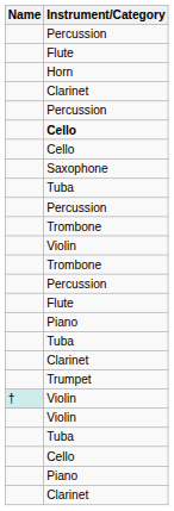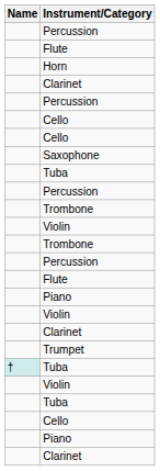 <table class="wikitable sortable" style="font-size: 95%">
 <tr>
 <th>Name</th>
 <th>Instrument/Category</th>
 </tr>
 <tr>
 <td></td>
 <td>Percussion</td>
 </tr>
 <tr>
 <td><strong></strong></td>
 <td>Flute</td>
 </tr>
 <tr>
 <td></td>
 <td>Horn</td>
 </tr>
 <tr>
 <td><strong></strong></td>
 <td>Clarinet</td>
 </tr>
 <tr>
 <td></td>
 <td>Percussion</td>
 </tr>
 <tr>
 <td></td>
-<td><strong>Cello</strong></td>
+<td>Cello</td>
 </tr>
 <tr>
 <td></td>
 <td>Cello</td>
 </tr>
 <tr>
 <td></td>
 <td>Saxophone</td>
 </tr>
 <tr>
 <td></td>
 <td>Tuba</td>
 </tr>
 <tr>
 <td></td>
 <td>Percussion</td>
 </tr>
 <tr>
 <td></td>
 <td>Trombone</td>
 </tr>
 <tr>
 <td></td>
 <td>Violin</td>
 </tr>
 <tr>
 <td></td>
 <td>Trombone</td>
 </tr>
 <tr>
 <td></td>
 <td>Percussion</td>
 </tr>
 <tr>
 <td></td>
 <td>Flute</td>
 </tr>
 <tr>
 <td></td>
 <td>Piano</td>
 </tr>
 <tr>
 <td></td>
-<td>Tuba</td>
+<td>Violin</td>
 </tr>
 <tr>
 <td></td>
 <td>Clarinet</td>
 </tr>
 <tr>
 <td></td>
 <td>Trumpet</td>
 </tr>
 <tr>
 <td bgcolor="#CFECEC"><strong></strong>†</td>
-<td>Violin</td>
+<td>Tuba</td>
 </tr>
 <tr>
 <td></td>
 <td>Violin</td>
 </tr>
 <tr>
 <td></td>
 <td>Tuba</td>
 </tr>
 <tr>
 <td><strong></strong></td>
 <td>Cello</td>
 </tr>
 <tr>
 <td></td>
 <td>Piano</td>
 </tr>
 <tr>
 <td><strong></strong></td>
 <td>Clarinet</td>
 </tr>
 </table>
